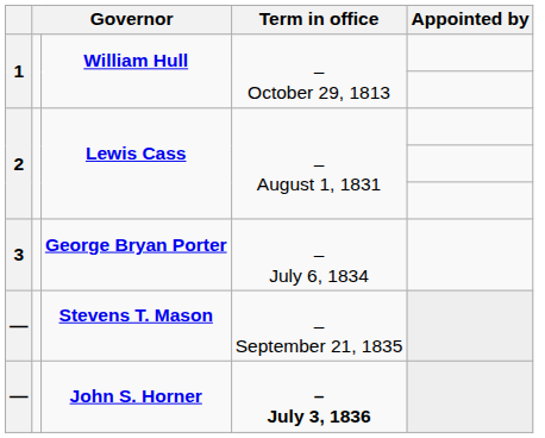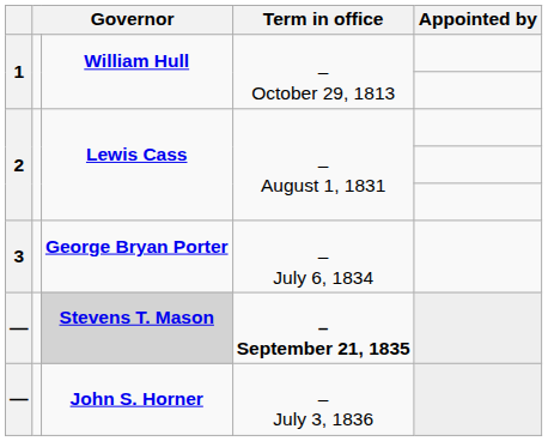 <table class="wikitable sortable" style="text-align:center;">
 <tr>
 <th scope="col" data-sort-type="number"></th>
 <th scope="colgroup" colspan="2">Governor</th>
 <th scope="col">Term in office</th>
 <th scope="col">Appointed by</th>
 </tr>
 <tr style="height:2em;">
 <th rowspan="2" scope="rowgroup">1</th>
 <td rowspan="2" data-sort-value="Hull, William"></td>
 <td rowspan="2"><strong><a href='#'>William Hull</a></strong><br><br></td>
 <td rowspan="2"><br>–<br>October 29, 1813<br></td>
 <td></td>
 </tr>
 <tr style="height:2em;">
 <td></td>
 </tr>
 <tr style="height:2em;">
 <th rowspan="3" scope="rowgroup">2</th>
 <td rowspan="3" data-sort-value="Cass, Lewis"></td>
 <td rowspan="3"><strong><a href='#'>Lewis Cass</a></strong><br><br></td>
 <td rowspan="3"><br>–<br>August 1, 1831<br></td>
 <td></td>
 </tr>
 <tr style="height:2em;">
 <td></td>
 </tr>
 <tr style="height:2em;">
 <td></td>
 </tr>
 <tr style="height:2em;">
 <th scope="row">3</th>
 <td data-sort-value="Porter, George"></td>
 <td><strong><a href='#'>George Bryan Porter</a></strong><br><br></td>
 <td><br>–<br>July 6, 1834<br></td>
 <td></td>
 </tr>
 <tr style="height:2em;">
 <th scope="row">—</th>
 <td data-sort-value="Mason, Stevens"></td>
-<td><strong><a href='#'>Stevens T. Mason</a></strong><br><br></td>
-<td><br>–<br>September 21, 1835<br></td>
+<td style="background: lightgrey;"><strong><a href='#'>Stevens T. Mason</a></strong><br><br></td>
+<td><strong><br>–<br>September 21, 1835<br></strong></td>
 <td style="background:#EEEEEE;"></td>
 </tr>
 <tr style="height:2em;">
 <th scope="row">—</th>
 <td data-sort-value="Horner, John"></td>
 <td><strong><a href='#'>John S. Horner</a></strong><br></td>
-<td><strong><br>–<br>July 3, 1836<br></strong></td>
+<td><br>–<br>July 3, 1836<br></td>
 <td style="background:#EEEEEE;"></td>
 </tr>
 </table>
